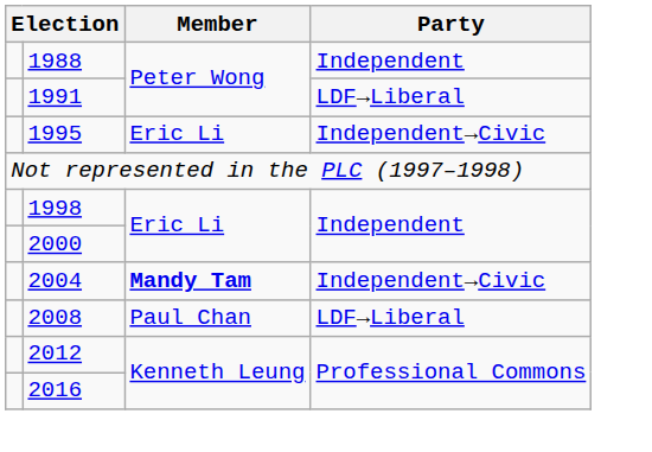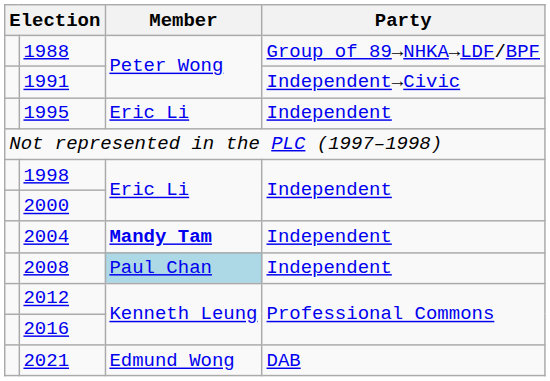 <table class="wikitable">
 <tr>
 <th colspan="2">Election</th>
 <th>Member</th>
 <th>Party</th>
 </tr>
 <tr>
 <td style="background-color: "></td>
 <td><a href='#'>1988</a></td>
 <td rowspan="2"><a href='#'>Peter Wong</a></td>
-<td><a href='#'>Independent</a></td>
+<td><a href='#'>Group of 89</a>→<a href='#'>NHKA</a>→<a href='#'>LDF</a>/<a href='#'>BPF</a></td>
 </tr>
 <tr>
 <td style="background-color: "></td>
 <td><a href='#'>1991</a></td>
-<td><a href='#'>LDF</a>→<a href='#'>Liberal</a></td>
+<td><a href='#'>Independent</a>→<a href='#'>Civic</a></td>
 </tr>
 <tr>
 <td style="background-color: "></td>
 <td><a href='#'>1995</a></td>
 <td><a href='#'>Eric Li</a></td>
-<td><a href='#'>Independent</a>→<a href='#'>Civic</a></td>
+<td><a href='#'>Independent</a></td>
 </tr>
 <tr>
 <td colspan="4"><em>Not represented in the <a href='#'>PLC</a> (1997–1998)</em></td>
 </tr>
 <tr>
 <td style="background-color: "></td>
 <td><a href='#'>1998</a></td>
 <td rowspan="2"><a href='#'>Eric Li</a></td>
 <td rowspan="2"><a href='#'>Independent</a></td>
 </tr>
 <tr>
 <td style="background-color: "></td>
 <td><a href='#'>2000</a></td>
 </tr>
 <tr>
 <td style="background-color: "></td>
 <td><a href='#'>2004</a></td>
 <td rowspan="1"><strong><a href='#'>Mandy Tam</a></strong></td>
-<td><a href='#'>Independent</a>→<a href='#'>Civic</a></td>
+<td><a href='#'>Independent</a></td>
 </tr>
 <tr>
 <td style="background-color: "></td>
 <td><a href='#'>2008</a></td>
-<td><a href='#'>Paul Chan</a></td>
-<td><a href='#'>LDF</a>→<a href='#'>Liberal</a></td>
+<td style="background: lightblue;"><a href='#'>Paul Chan</a></td>
+<td><a href='#'>Independent</a></td>
 </tr>
 <tr>
 <td style="background-color: "></td>
 <td><a href='#'>2012</a></td>
 <td rowspan="2"><a href='#'>Kenneth Leung</a></td>
 <td rowspan="2"><a href='#'>Professional Commons</a></td>
 </tr>
 <tr>
 <td style="background-color: "></td>
 <td><a href='#'>2016</a></td>
 </tr>
+<tr>
+<td style="background-color: "></td>
+<td><a href='#'>2021</a></td>
+<td><a href='#'>Edmund Wong</a></td>
+<td><a href='#'>DAB</a></td>
+</tr>
 </table>
